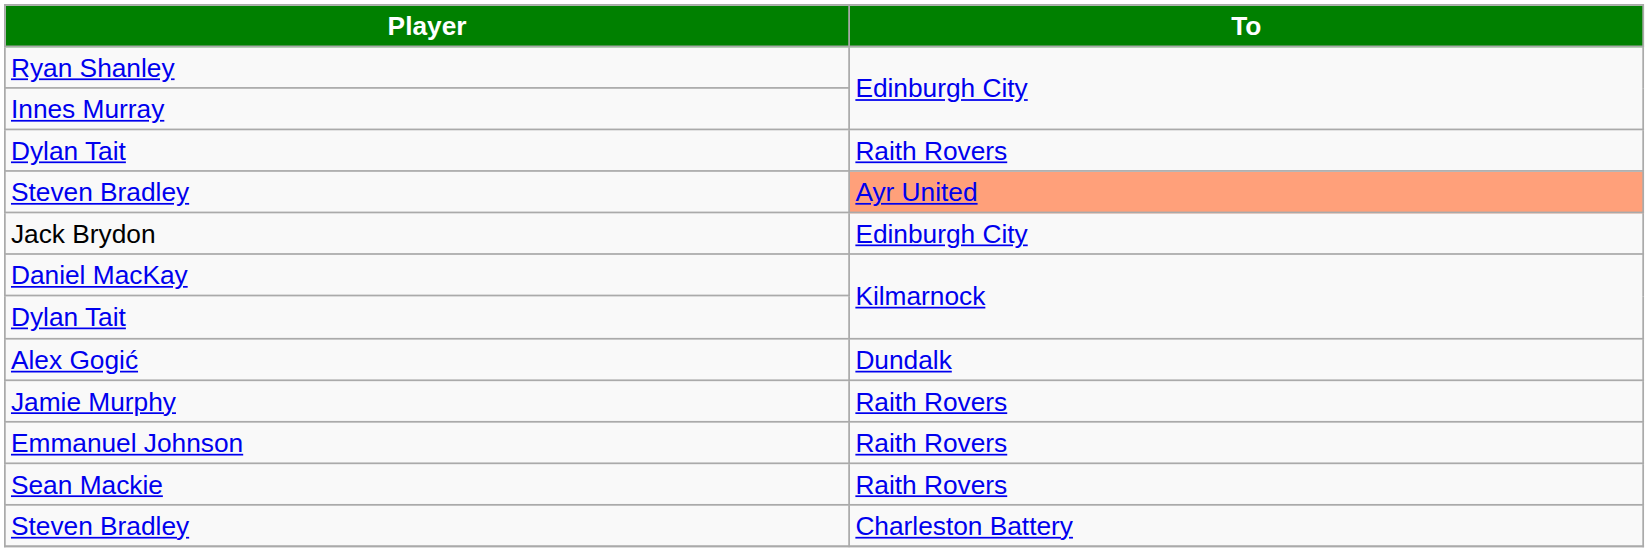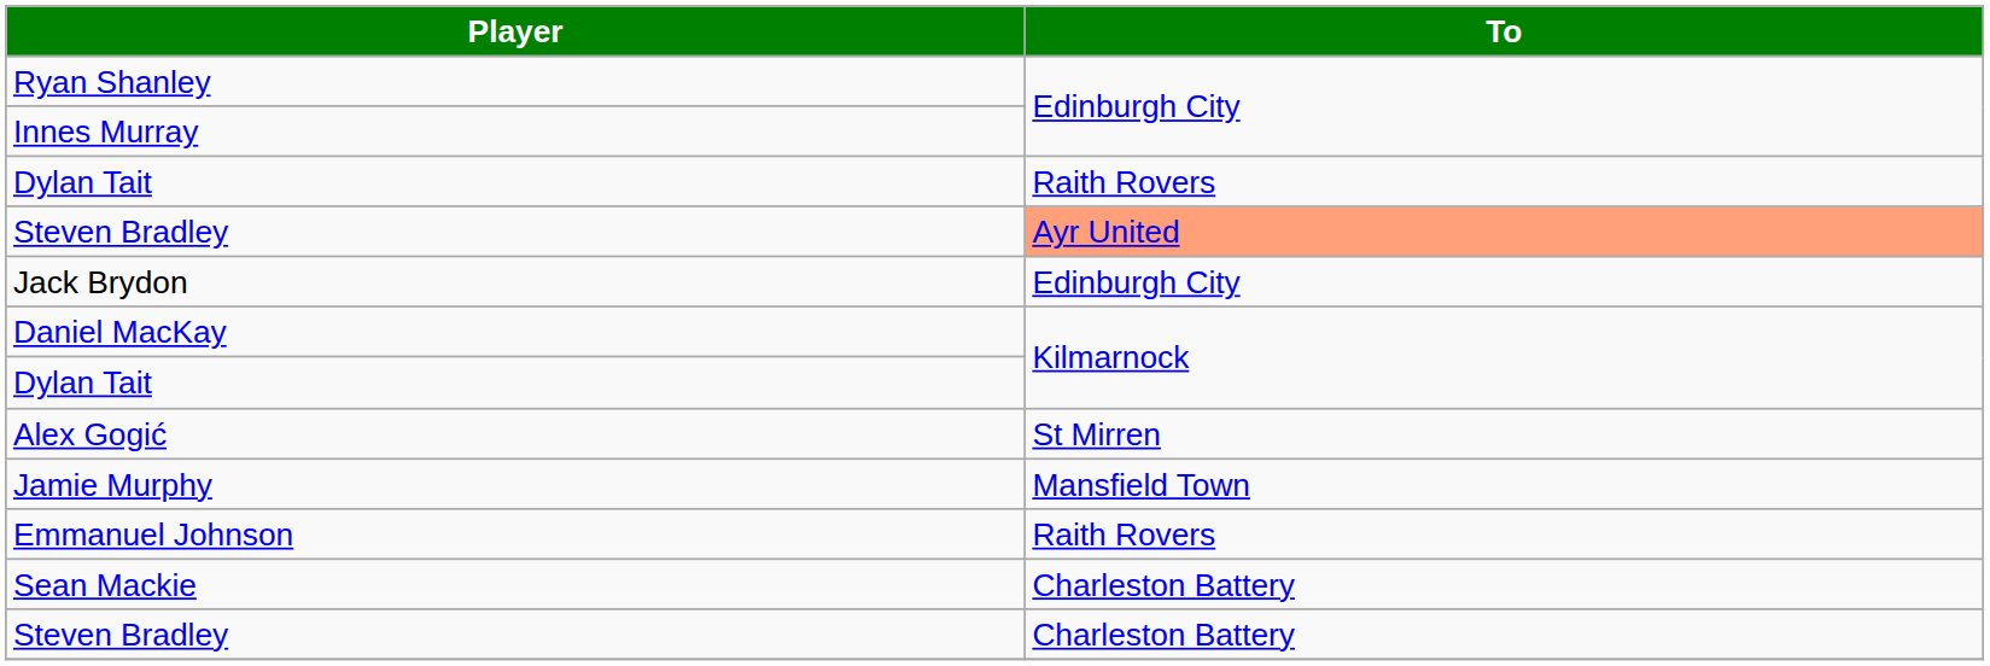 <table class="wikitable" style="text-align:center; font-size:95%;width:75%; text-align:left">
 <tr>
 <th style="background:#008000; color:white;">Player</th>
 <th style="background:#008000; color:white;">To</th>
 </tr>
 <tr>
 <td> <a href='#'>Ryan Shanley</a></td>
 <td rowspan=2> <a href='#'>Edinburgh City</a></td>
 </tr>
 <tr>
 <td> <a href='#'>Innes Murray</a></td>
 </tr>
 <tr>
 <td> <a href='#'>Dylan Tait</a></td>
 <td> <a href='#'>Raith Rovers</a></td>
 </tr>
 <tr>
 <td> <a href='#'>Steven Bradley</a></td>
 <td style="background: lightsalmon;"> <a href='#'>Ayr United</a></td>
 </tr>
 <tr>
 <td> Jack Brydon</td>
 <td> <a href='#'>Edinburgh City</a></td>
 </tr>
 <tr>
 <td> <a href='#'>Daniel MacKay</a></td>
 <td rowspan=2> <a href='#'>Kilmarnock</a></td>
 </tr>
 <tr>
 <td> <a href='#'>Dylan Tait</a></td>
 </tr>
 <tr>
 <td> <a href='#'>Alex Gogić</a></td>
-<td> <a href='#'>Dundalk</a></td>
+<td> <a href='#'>St Mirren</a></td>
 </tr>
 <tr>
 <td> <a href='#'>Jamie Murphy</a></td>
-<td> <a href='#'>Raith Rovers</a></td>
+<td> <a href='#'>Mansfield Town</a></td>
 </tr>
 <tr>
 <td> <a href='#'>Emmanuel Johnson</a></td>
 <td> <a href='#'>Raith Rovers</a></td>
 </tr>
 <tr>
 <td> <a href='#'>Sean Mackie</a></td>
-<td> <a href='#'>Raith Rovers</a></td>
+<td> <a href='#'>Charleston Battery</a></td>
 </tr>
 <tr>
 <td> <a href='#'>Steven Bradley</a></td>
 <td> <a href='#'>Charleston Battery</a></td>
 </tr>
 <tr>
 </tr>
 </table>
